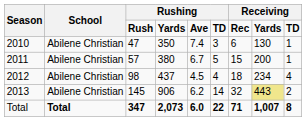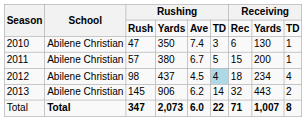 <table class="wikitable">
 <tr>
 <th rowspan="2">Season</th>
 <th rowspan="2">School</th>
 <th colspan="4">Rushing</th>
 <th colspan="3">Receiving</th>
 </tr>
 <tr>
 <td style="font-weight:bold;">Rush</td>
 <td style="font-weight:bold;">Yards</td>
 <td style="font-weight:bold;">Ave</td>
 <td style="font-weight:bold;">TD</td>
 <td style="font-weight:bold;">Rec</td>
 <td style="font-weight:bold;">Yards</td>
 <td style="font-weight:bold;">TD</td>
 </tr>
 <tr>
 <td>2010</td>
 <td>Abilene Christian</td>
 <td>47</td>
 <td>350</td>
 <td>7.4</td>
 <td>3</td>
 <td>6</td>
 <td>130</td>
 <td>1</td>
 </tr>
 <tr>
 <td>2011</td>
 <td>Abilene Christian</td>
 <td>57</td>
 <td>380</td>
 <td>6.7</td>
 <td>5</td>
 <td>15</td>
 <td>200</td>
 <td>1</td>
 </tr>
 <tr>
 <td>2012</td>
 <td>Abilene Christian</td>
 <td>98</td>
 <td>437</td>
 <td>4.5</td>
-<td>4</td>
+<td style="background: lightblue;">4</td>
 <td>18</td>
 <td>234</td>
 <td>4</td>
 </tr>
 <tr>
 <td>2013</td>
 <td>Abilene Christian</td>
 <td>145</td>
 <td>906</td>
 <td>6.2</td>
 <td>14</td>
 <td>32</td>
-<td style="background: khaki;">443</td>
+<td>443</td>
 <td>2</td>
 </tr>
 <tr>
 <td>Total</td>
 <td style="font-weight:bold;">Total</td>
 <td style="font-weight:bold;">347</td>
 <td style="font-weight:bold;">2,073</td>
 <td style="font-weight:bold;">6.0</td>
 <td style="font-weight:bold;">22</td>
 <td style="font-weight:bold;">71</td>
 <td style="font-weight:bold;">1,007</td>
 <td style="font-weight:bold;">8</td>
 </tr>
 </table>
